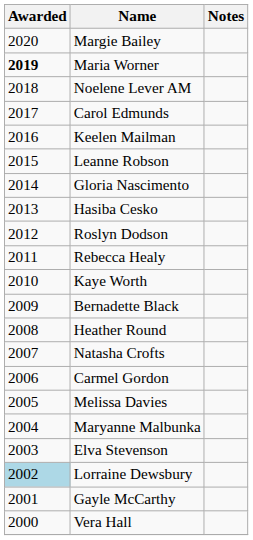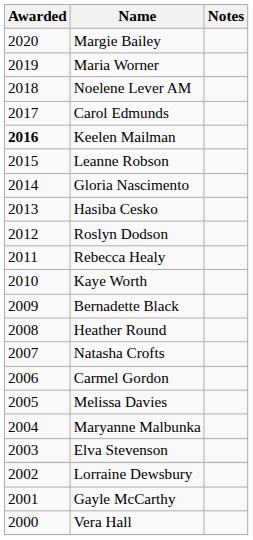 <table class="wikitable" border="1">
 <tr>
 <th>Awarded</th>
 <th>Name</th>
 <th>Notes</th>
 </tr>
 <tr>
 <td>2020</td>
 <td>Margie Bailey</td>
 <td></td>
 </tr>
 <tr>
-<td><strong>2019</strong></td>
+<td>2019</td>
 <td>Maria Worner</td>
 <td></td>
 </tr>
 <tr>
 <td>2018</td>
 <td>Noelene Lever AM</td>
 <td></td>
 </tr>
 <tr>
 <td>2017</td>
 <td>Carol Edmunds</td>
 <td></td>
 </tr>
 <tr>
-<td>2016</td>
+<td><strong>2016</strong></td>
 <td>Keelen Mailman</td>
 <td></td>
 </tr>
 <tr>
 <td>2015</td>
 <td>Leanne Robson</td>
 </tr>
 <tr>
 <td>2014</td>
 <td>Gloria Nascimento</td>
 <td></td>
 </tr>
 <tr>
 <td>2013</td>
 <td>Hasiba Cesko</td>
 <td></td>
 </tr>
 <tr>
 <td>2012</td>
 <td>Roslyn Dodson</td>
 <td></td>
 </tr>
 <tr>
 <td>2011</td>
 <td>Rebecca Healy</td>
 <td></td>
 </tr>
 <tr>
 <td>2010</td>
 <td>Kaye Worth</td>
 <td></td>
 </tr>
 <tr>
 <td>2009</td>
 <td>Bernadette Black</td>
 <td></td>
 </tr>
 <tr>
 <td>2008</td>
 <td>Heather Round</td>
 <td></td>
 </tr>
 <tr>
 <td>2007</td>
 <td>Natasha Crofts</td>
 <td></td>
 </tr>
 <tr>
 <td>2006</td>
 <td>Carmel Gordon</td>
 <td></td>
 </tr>
 <tr>
 <td>2005</td>
 <td>Melissa Davies</td>
 <td></td>
 </tr>
 <tr>
 <td>2004</td>
 <td>Maryanne Malbunka</td>
 <td></td>
 </tr>
 <tr>
 <td>2003</td>
 <td>Elva Stevenson</td>
 <td></td>
 </tr>
 <tr>
-<td style="background: lightblue;">2002</td>
+<td>2002</td>
 <td>Lorraine Dewsbury</td>
 <td></td>
 </tr>
 <tr>
 <td>2001</td>
 <td>Gayle McCarthy</td>
 <td></td>
 </tr>
 <tr>
 <td>2000</td>
 <td>Vera Hall</td>
 <td></td>
 </tr>
 <tr>
 </tr>
 </table>
